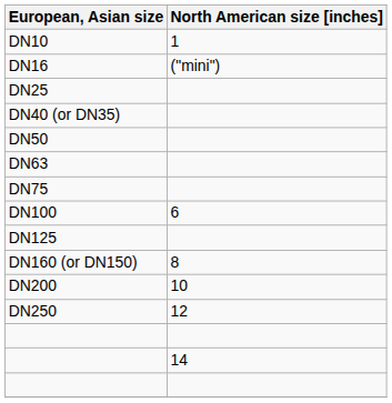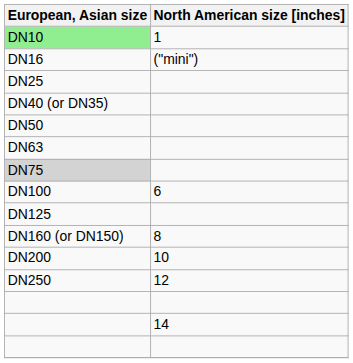 <table class="wikitable">
 <tr>
 <th class="hintergrundfarbe5">European, Asian size</th>
 <th class="hintergrundfarbe5">North American size [inches]</th>
 </tr>
 <tr>
-<td>DN10</td>
+<td style="background: lightgreen;">DN10</td>
 <td>1</td>
 </tr>
 <tr>
 <td>DN16</td>
 <td> ("mini")</td>
 </tr>
 <tr>
 <td>DN25</td>
 <td></td>
 </tr>
 <tr>
 <td>DN40 (or DN35)</td>
 <td></td>
 </tr>
 <tr>
 <td>DN50</td>
 <td></td>
 </tr>
 <tr>
 <td>DN63</td>
 <td></td>
 </tr>
 <tr>
-<td>DN75</td>
+<td style="background: lightgrey;">DN75</td>
 <td></td>
 </tr>
 <tr>
 <td>DN100</td>
 <td>6</td>
 </tr>
 <tr>
 <td>DN125</td>
 <td></td>
 </tr>
 <tr>
 <td>DN160 (or DN150)</td>
 <td>8</td>
 </tr>
 <tr>
 <td>DN200</td>
 <td>10</td>
 </tr>
 <tr>
 <td>DN250</td>
 <td>12</td>
 </tr>
 <tr>
 <td> </td>
 <td></td>
 </tr>
 <tr>
 <td> </td>
 <td>14</td>
 </tr>
 <tr>
 <td> </td>
 <td></td>
 </tr>
 <tr>
 </tr>
 </table>
